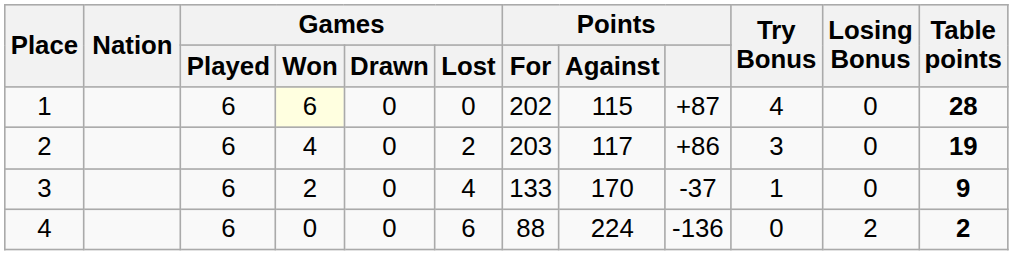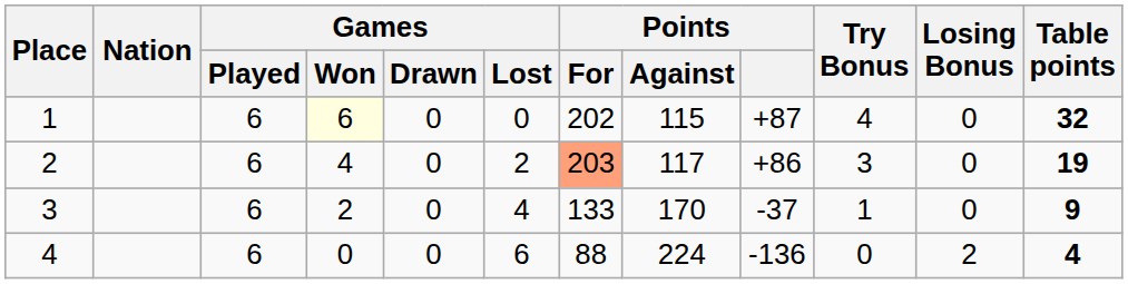 <table class="wikitable" style="text-align:center; width:100%;">
 <tr>
 <th rowspan="2" style="width:5%;">Place</th>
 <th rowspan="2" style="width:15%;">Nation</th>
 <th colspan="4" style="width:32%;">Games</th>
 <th colspan="3" style="width:18%;">Points</th>
 <th rowspan="2" style="width:8%;">Try<br>Bonus</th>
 <th rowspan="2" style="width:8%;">Losing<br>Bonus</th>
 <th rowspan="2" style="width:10%;">Table<br>points</th>
 </tr>
 <tr>
 <th style="width:8%;">Played</th>
 <th style="width:8%;">Won</th>
 <th style="width:8%;">Drawn</th>
 <th style="width:8%;">Lost</th>
 <th style="width:8%;">For</th>
 <th style="width:8%;">Against</th>
 <th style="width:8%;"></th>
 </tr>
 <tr>
 <td>1</td>
 <td align=left></td>
 <td>6</td>
 <td style="background: lightyellow;">6</td>
 <td>0</td>
 <td>0</td>
 <td>202</td>
 <td>115</td>
 <td>+87</td>
 <td>4</td>
 <td>0</td>
-<td><strong>28</strong></td>
+<td><strong>32</strong></td>
 </tr>
 <tr>
 <td>2</td>
 <td align=left></td>
 <td>6</td>
 <td>4</td>
 <td>0</td>
 <td>2</td>
-<td>203</td>
+<td style="background: lightsalmon;">203</td>
 <td>117</td>
 <td>+86</td>
 <td>3</td>
 <td>0</td>
 <td><strong>19</strong></td>
 </tr>
 <tr>
 <td>3</td>
 <td align=left></td>
 <td>6</td>
 <td>2</td>
 <td>0</td>
 <td>4</td>
 <td>133</td>
 <td>170</td>
 <td>-37</td>
 <td>1</td>
 <td>0</td>
 <td><strong>9</strong></td>
 </tr>
 <tr>
 <td>4</td>
 <td align=left></td>
 <td>6</td>
 <td>0</td>
 <td>0</td>
 <td>6</td>
 <td>88</td>
 <td>224</td>
 <td>-136</td>
 <td>0</td>
 <td>2</td>
-<td><strong>2</strong></td>
+<td><strong>4</strong></td>
 </tr>
 </table>
